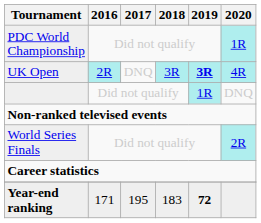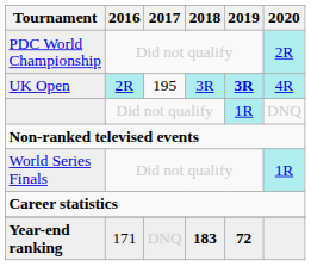 <table class="wikitable" style="width:20%; margin:0">
 <tr>
 <th>Tournament</th>
 <th>2016</th>
 <th>2017</th>
 <th>2018</th>
 <th>2019</th>
 <th>2020</th>
 </tr>
 <tr>
 <td style="background:#efefef;"><a href='#'>PDC World Championship</a></td>
 <td colspan="4" style="text-align:center; color:#ccc;">Did not qualify</td>
-<td style="text-align:center; background:#afeeee;"><a href='#'>1R</a></td>
+<td style="text-align:center; background:#afeeee;"><a href='#'>2R</a></td>
 </tr>
 <tr>
 <td style="background:#efefef;"><a href='#'>UK Open</a></td>
 <td style="text-align:center; background:#afeeee;"><a href='#'>2R</a></td>
-<td style="text-align:center; color:#ccc;">DNQ</td>
+<td style="text-align:center;">195</td>
 <td style="text-align:center; background:#afeeee;"><a href='#'>3R</a></td>
 <td style="text-align:center; background:#afeeee;"><strong><a href='#'>3R</a></strong></td>
 <td style="text-align:center; background:#afeeee;"><a href='#'>4R</a></td>
 </tr>
 <tr>
 <td style="background:#efefef;"></td>
 <td colspan="3" style="text-align:center; color:#ccc;">Did not qualify</td>
 <td style="text-align:center; background:#afeeee;"><a href='#'>1R</a></td>
 <td style="text-align:center; color:#ccc;">DNQ</td>
 </tr>
 <tr>
 <td colspan="12" align="left"><strong>Non-ranked televised events</strong></td>
 </tr>
 <tr>
 <td style="background:#efefef;"><a href='#'>World Series Finals</a></td>
 <td colspan="4" style="text-align:center; color:#ccc;">Did not qualify</td>
-<td style="text-align:center; background:#afeeee;"><a href='#'>2R</a></td>
+<td style="text-align:center; background:#afeeee;"><a href='#'>1R</a></td>
 </tr>
 <tr>
 <td colspan="6" align="left"><strong>Career statistics</strong></td>
 </tr>
 <tr>
 </tr>
 <tr bgcolor="efefef">
 <td align="left"><strong>Year-end ranking</strong></td>
 <td style="text-align:center;">171</td>
-<td style="text-align:center;">195</td>
-<td style="text-align:center;">183</td>
+<td style="text-align:center; color:#ccc;">DNQ</td>
+<td style="text-align:center;"><strong>183</strong></td>
 <td style="text-align:center;"><strong>72</strong></td>
 <td style="text-align:center;"></td>
 </tr>
 </table>
